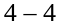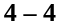 <table style="text-align:center">
 <tr>
 <th width=200></th>
 <th width=100></th>
 <th width=200></th>
 </tr>
 <tr>
 <td align=right></td>
-<td>4 – 4</td>
+<td><strong>4 – 4</strong></td>
 <td align=left></td>
 </tr>
 </table>
